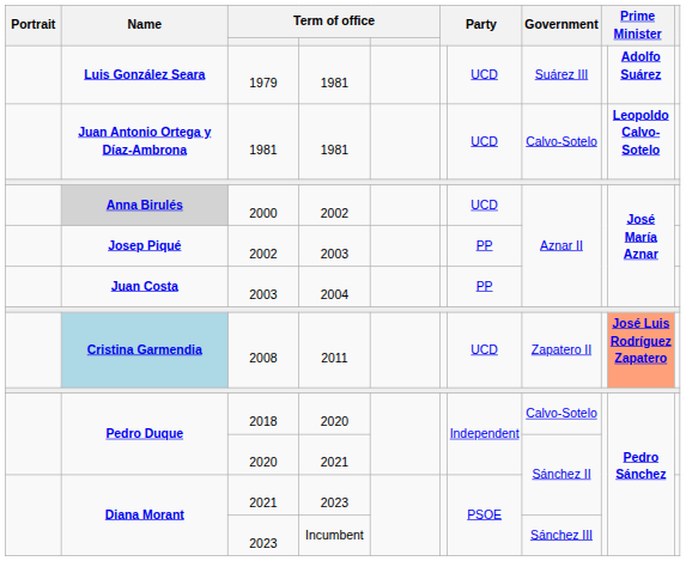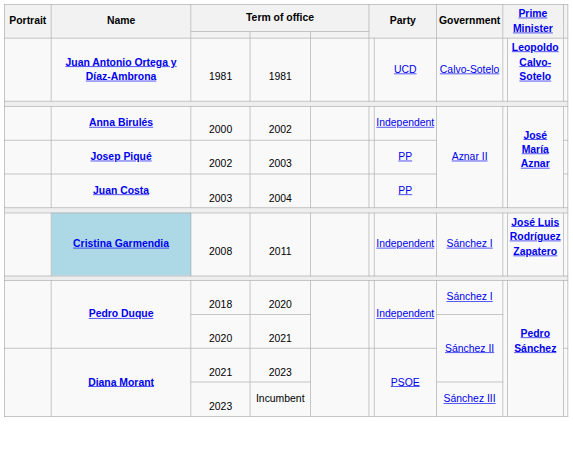 <table class="wikitable" style="line-height:1.4em; text-align:center; border:1px #aaf solid;">
 <tr>
 <th rowspan="2" width="65">Portrait</th>
 <th rowspan="2" width="210">Name<br></th>
 <th colspan="3">Term of office</th>
 <th rowspan="2" colspan="2" width="90">Party</th>
 <th rowspan="2">Government</th>
 <th rowspan="2" colspan="2"><a href='#'>Prime Minister</a><br></th>
 <th rowspan="2"></th>
 </tr>
 <tr>
 <th width="85"></th>
 <th width="85"></th>
 <th width="85"></th>
-</tr>
-<tr>
-<td></td>
-<td><strong><a href='#'>Luis González Seara</a></strong><br></td>
-<td class="nowrap"><br>1979</td>
-<td class="nowrap"><br>1981</td>
-<td style="font-size:95%;"></td>
-<td width="1" style="color:inherit;background:"></td>
-<td><a href='#'>UCD</a></td>
-<td><a href='#'>Suárez III</a></td>
-<td width="1" style="color:inherit;background:"></td>
-<td><strong><a href='#'>Adolfo Suárez</a></strong><br><br></td>
-<td align="center"><br></td>
 </tr>
 <tr>
 <td></td>
 <td><strong><a href='#'>Juan Antonio Ortega y Díaz-Ambrona</a></strong><br></td>
 <td class="nowrap"><br>1981</td>
 <td class="nowrap"><br>1981</td>
 <td style="font-size:95%;"></td>
 <td style="color:inherit;background:"></td>
 <td><a href='#'>UCD</a></td>
 <td><a href='#'>Calvo-Sotelo</a></td>
 <td style="color:inherit;background:"></td>
 <td><strong><a href='#'>Leopoldo Calvo-Sotelo</a></strong><br><br></td>
 <td align="center"><br></td>
 </tr>
 <tr>
 <td colspan="11" style="background:#EEEEEE;"></td>
 </tr>
 <tr>
 <td></td>
-<td style="background: lightgrey;"><strong><a href='#'>Anna Birulés</a></strong><br></td>
+<td><strong><a href='#'>Anna Birulés</a></strong><br></td>
 <td class="nowrap"><br>2000</td>
 <td class="nowrap"><br>2002</td>
 <td style="font-size:95%;"></td>
 <td style="color:inherit;background:"></td>
-<td><a href='#'>UCD</a></td>
+<td><a href='#'>Independent</a></td>
 <td rowspan="3"><a href='#'>Aznar II</a></td>
 <td rowspan="3" style="color:inherit;background:"></td>
 <td rowspan="3"><strong><a href='#'>José María Aznar</a></strong><br><br></td>
 <td align="center"><br></td>
 </tr>
 <tr>
 <td></td>
 <td><strong><a href='#'>Josep Piqué</a></strong><br></td>
 <td class="nowrap"><br>2002</td>
 <td class="nowrap"><br>2003</td>
 <td style="font-size:95%;"></td>
 <td style="color:inherit;background:"></td>
 <td><a href='#'>PP</a></td>
 <td align="center"><br></td>
 </tr>
 <tr>
 <td></td>
 <td><strong><a href='#'>Juan Costa</a></strong><br></td>
 <td class="nowrap"><br>2003</td>
 <td class="nowrap"><br>2004</td>
 <td style="font-size:95%;"></td>
 <td style="color:inherit;background:"></td>
 <td><a href='#'>PP</a></td>
 <td align="center"><br></td>
 </tr>
 <tr>
 <td colspan="11" style="background:#EEEEEE;"></td>
 </tr>
 <tr>
 <td></td>
 <td style="background: lightblue;"><strong><a href='#'>Cristina Garmendia</a></strong><br></td>
 <td class="nowrap"><br>2008</td>
 <td class="nowrap"><br>2011</td>
 <td style="font-size:95%;"></td>
 <td style="color:inherit;background:"></td>
-<td><a href='#'>UCD</a></td>
-<td><a href='#'>Zapatero II</a></td>
+<td><a href='#'>Independent</a></td>
+<td><a href='#'>Sánchez I</a></td>
 <td style="color:inherit;background:"></td>
-<td style="background: lightsalmon;"><strong><a href='#'>José Luis<br>Rodríguez Zapatero</a></strong><br><br></td>
+<td><strong><a href='#'>José Luis<br>Rodríguez Zapatero</a></strong><br><br></td>
 <td align="center"><br></td>
 </tr>
 <tr>
 <td colspan="11" style="background:#EEEEEE;"></td>
 </tr>
 <tr>
 <td rowspan="2"></td>
 <td rowspan="2"><strong><a href='#'>Pedro Duque</a></strong><br></td>
 <td class="nowrap"><br>2018</td>
 <td class="nowrap"><br>2020</td>
 <td rowspan="2" style="font-size:95%;"></td>
 <td rowspan="2" style="color:inherit;background-color:"></td>
 <td rowspan="2"><a href='#'>Independent</a></td>
-<td><a href='#'>Calvo-Sotelo</a></td>
+<td><a href='#'>Sánchez I</a></td>
 <td rowspan="4" style="color:inherit;background:"></td>
 <td rowspan="4"><strong><a href='#'>Pedro Sánchez</a></strong><br><br></td>
 <td rowspan="2" align="center"><br><br></td>
 </tr>
 <tr>
 <td class="nowrap"><br>2020</td>
 <td class="nowrap"><br>2021</td>
 <td rowspan="2"><a href='#'>Sánchez II</a></td>
 </tr>
 <tr>
 <td rowspan="2"></td>
 <td rowspan="2"><strong><a href='#'>Diana Morant</a></strong><br></td>
 <td class="nowrap"><br>2021</td>
 <td class="nowrap"><br>2023</td>
 <td rowspan="2" style="font-size:95%;"></td>
 <td rowspan="2" style="color:inherit;background:"></td>
 <td rowspan="2"><a href='#'>PSOE</a></td>
 <td rowspan="2" align="center"><br></td>
 </tr>
 <tr>
 <td class="nowrap"><br>2023</td>
 <td class="nowrap">Incumbent</td>
 <td><a href='#'>Sánchez III</a></td>
 </tr>
 </table>
